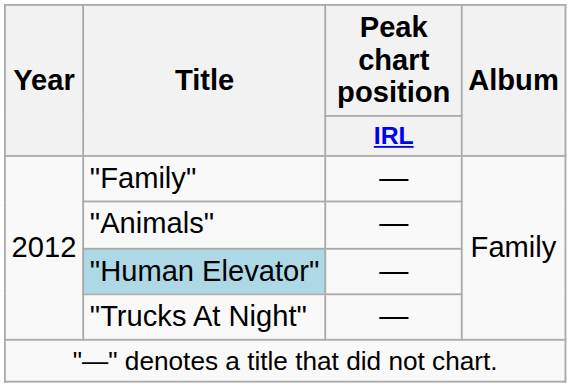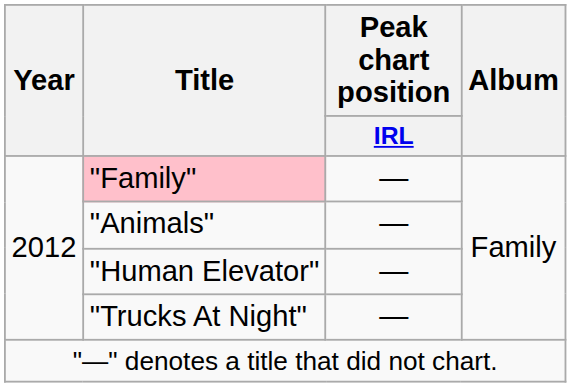 <table class="wikitable" style="text-align:center;">
 <tr>
 <th rowspan=2>Year</th>
 <th rowspan=2>Title</th>
 <th>Peak chart position</th>
 <th rowspan="2">Album</th>
 </tr>
 <tr>
 <th style="width:5em;font-size:85%"><a href='#'>IRL</a></th>
 </tr>
 <tr>
 <td rowspan="4">2012</td>
-<td style="text-align:left;">"Family"</td>
+<td style="background: pink; text-align:left;">"Family"</td>
 <td>—</td>
 <td rowspan="4">Family</td>
 </tr>
 <tr>
 <td style="text-align:left;">"Animals"</td>
 <td>—</td>
 </tr>
 <tr>
-<td style="background: lightblue; text-align:left;">"Human Elevator"</td>
+<td style="text-align:left;">"Human Elevator"</td>
 <td>—</td>
 </tr>
 <tr>
 <td style="text-align:left;">"Trucks At Night"</td>
 <td>—</td>
 </tr>
 <tr>
 <td colspan="4" style="font-size:90%">"—" denotes a title that did not chart.</td>
 </tr>
 </table>
